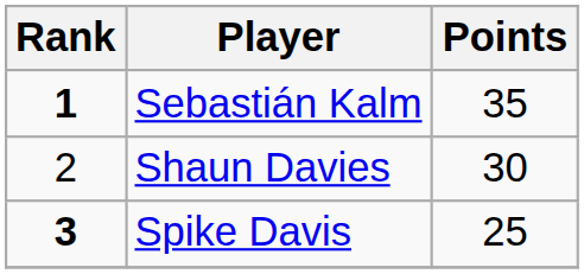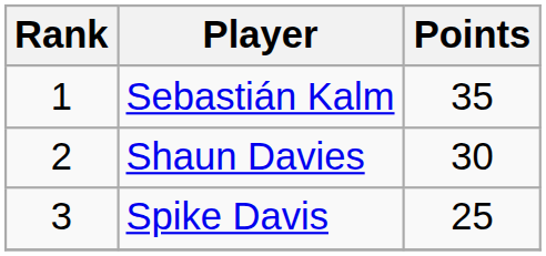 <table class="wikitable" style="text-align:center">
 <tr>
 <th>Rank</th>
 <th>Player</th>
 <th style="width:50px;">Points</th>
 </tr>
 <tr>
-<td><strong>1</strong></td>
+<td>1</td>
 <td align=left> <a href='#'>Sebastián Kalm</a></td>
 <td>35</td>
 </tr>
 <tr>
 <td>2</td>
 <td align=left> <a href='#'>Shaun Davies</a></td>
 <td>30</td>
 </tr>
 <tr>
-<td><strong>3</strong></td>
+<td>3</td>
 <td align=left> <a href='#'>Spike Davis</a></td>
 <td>25</td>
 </tr>
 <tr>
 </tr>
 </table>
